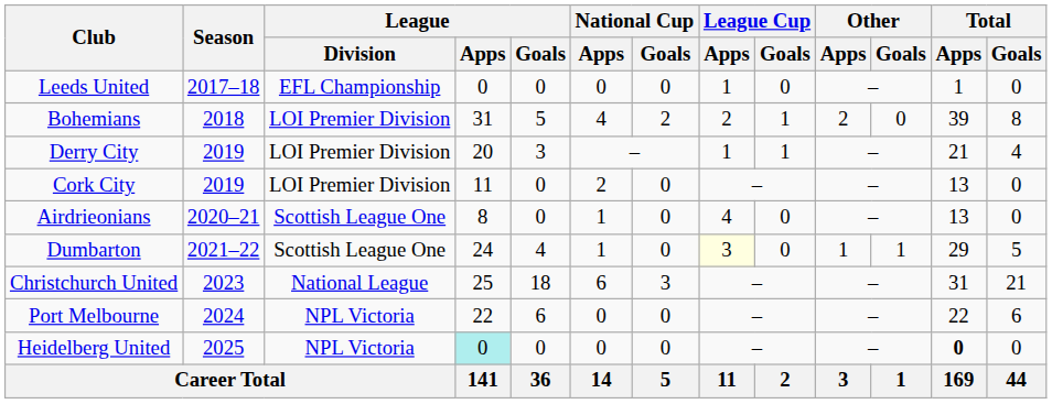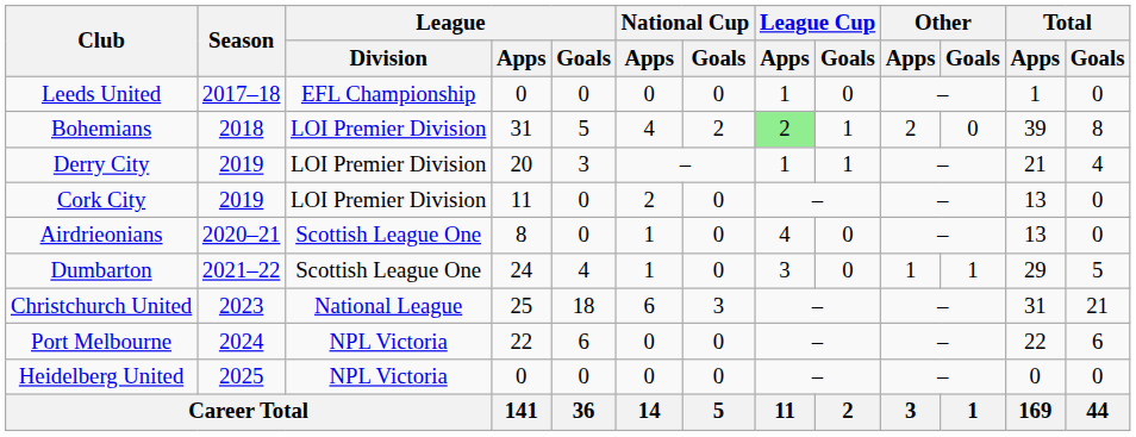 <table class="wikitable" style="text-align:center">
 <tr>
 <th rowspan="2">Club</th>
 <th rowspan="2">Season</th>
 <th colspan="3">League</th>
 <th colspan="2">National Cup</th>
 <th colspan="2"><a href='#'>League Cup</a></th>
 <th colspan="2">Other</th>
 <th colspan="2">Total</th>
 </tr>
 <tr>
 <th>Division</th>
 <th>Apps</th>
 <th>Goals</th>
 <th>Apps</th>
 <th>Goals</th>
 <th>Apps</th>
 <th>Goals</th>
 <th>Apps</th>
 <th>Goals</th>
 <th>Apps</th>
 <th>Goals</th>
 </tr>
 <tr>
 <td><a href='#'>Leeds United</a></td>
 <td><a href='#'>2017–18</a></td>
 <td><a href='#'>EFL Championship</a></td>
 <td>0</td>
 <td>0</td>
 <td>0</td>
 <td>0</td>
 <td>1</td>
 <td>0</td>
 <td colspan="2">–</td>
 <td>1</td>
 <td>0</td>
 </tr>
 <tr>
 <td><a href='#'>Bohemians</a></td>
 <td><a href='#'>2018</a></td>
 <td><a href='#'>LOI Premier Division</a></td>
 <td>31</td>
 <td>5</td>
 <td>4</td>
 <td>2</td>
-<td>2</td>
+<td style="background: lightgreen;">2</td>
 <td>1</td>
 <td>2</td>
 <td>0</td>
 <td>39</td>
 <td>8</td>
 </tr>
 <tr>
 <td><a href='#'>Derry City</a></td>
 <td><a href='#'>2019</a></td>
 <td>LOI Premier Division</td>
 <td>20</td>
 <td>3</td>
 <td colspan="2">–</td>
 <td>1</td>
 <td>1</td>
 <td colspan="2">–</td>
 <td>21</td>
 <td>4</td>
 </tr>
 <tr>
 <td><a href='#'>Cork City</a></td>
 <td><a href='#'>2019</a></td>
 <td>LOI Premier Division</td>
 <td>11</td>
 <td>0</td>
 <td>2</td>
 <td>0</td>
 <td colspan="2">–</td>
 <td colspan="2">–</td>
 <td>13</td>
 <td>0</td>
 </tr>
 <tr>
 <td><a href='#'>Airdrieonians</a></td>
 <td><a href='#'>2020–21</a></td>
 <td><a href='#'>Scottish League One</a></td>
 <td>8</td>
 <td>0</td>
 <td>1</td>
 <td>0</td>
 <td>4</td>
 <td>0</td>
 <td colspan="2">–</td>
 <td>13</td>
 <td>0</td>
 </tr>
 <tr>
 <td><a href='#'>Dumbarton</a></td>
 <td><a href='#'>2021–22</a></td>
 <td>Scottish League One</td>
 <td>24</td>
 <td>4</td>
 <td>1</td>
 <td>0</td>
-<td style="background: lightyellow;">3</td>
+<td>3</td>
 <td>0</td>
 <td>1</td>
 <td>1</td>
 <td>29</td>
 <td>5</td>
 </tr>
 <tr>
 <td><a href='#'>Christchurch United</a></td>
 <td><a href='#'>2023</a></td>
 <td><a href='#'>National League</a></td>
 <td>25</td>
 <td>18</td>
 <td>6</td>
 <td>3</td>
 <td colspan="2">–</td>
 <td colspan="2">–</td>
 <td>31</td>
 <td>21</td>
 </tr>
 <tr>
 <td><a href='#'>Port Melbourne</a></td>
 <td><a href='#'>2024</a></td>
 <td><a href='#'>NPL Victoria</a></td>
 <td>22</td>
 <td>6</td>
 <td>0</td>
 <td>0</td>
 <td colspan="2">–</td>
 <td colspan="2">–</td>
 <td>22</td>
 <td>6</td>
 </tr>
 <tr>
 <td><a href='#'>Heidelberg United</a></td>
 <td><a href='#'>2025</a></td>
 <td><a href='#'>NPL Victoria</a></td>
-<td style="background: paleturquoise;">0</td>
+<td>0</td>
 <td>0</td>
 <td>0</td>
 <td>0</td>
 <td colspan="2">–</td>
 <td colspan="2">–</td>
-<td><strong>0</strong></td>
+<td>0</td>
 <td>0</td>
 </tr>
 <tr>
 <th colspan="3">Career Total</th>
 <th>141</th>
 <th>36</th>
 <th>14</th>
 <th>5</th>
 <th>11</th>
 <th>2</th>
 <th>3</th>
 <th>1</th>
 <th>169</th>
 <th>44</th>
 </tr>
 </table>
